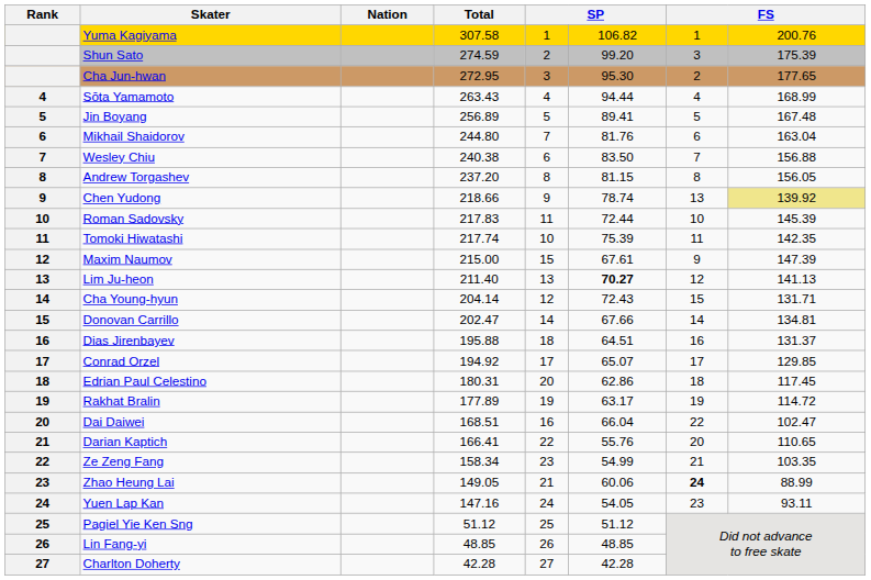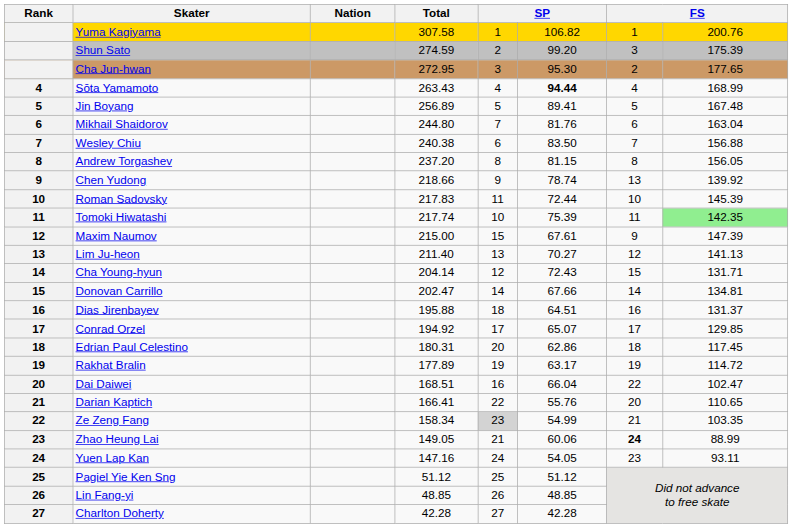 <table class="wikitable sortable" style="text-align:center; width:85%">
 <tr>
 <th scope="col">Rank</th>
 <th scope="col">Skater</th>
 <th scope="col">Nation</th>
 <th scope="col">Total</th>
 <th scope="col" colspan="2" width="80px"><a href='#'>SP</a></th>
 <th scope="col" colspan="2" width="80px"><a href='#'>FS</a></th>
 </tr>
 <tr bgcolor="gold">
 <th scope="row"></th>
 <td align="left"><a href='#'>Yuma Kagiyama</a></td>
 <td align="left"></td>
 <td>307.58</td>
 <td>1</td>
 <td>106.82</td>
 <td>1</td>
 <td>200.76</td>
 </tr>
 <tr bgcolor="silver">
 <th scope="row"></th>
 <td align="left"><a href='#'>Shun Sato</a></td>
 <td align="left"></td>
 <td>274.59</td>
 <td>2</td>
 <td>99.20</td>
 <td>3</td>
 <td>175.39</td>
 </tr>
 <tr bgcolor="#cc9966">
 <th scope="row"></th>
 <td align="left"><a href='#'>Cha Jun-hwan</a></td>
 <td align="left"></td>
 <td>272.95</td>
 <td>3</td>
 <td>95.30</td>
 <td>2</td>
 <td>177.65</td>
 </tr>
 <tr>
 <th scope="row">4</th>
 <td align="left"><a href='#'>Sōta Yamamoto</a></td>
 <td align="left"></td>
 <td>263.43</td>
 <td>4</td>
-<td>94.44</td>
+<td><strong>94.44</strong></td>
 <td>4</td>
 <td>168.99</td>
 </tr>
 <tr>
 <th scope="row">5</th>
 <td align="left"><a href='#'>Jin Boyang</a></td>
 <td align="left"></td>
 <td>256.89</td>
 <td>5</td>
 <td>89.41</td>
 <td>5</td>
 <td>167.48</td>
 </tr>
 <tr>
 <th scope="row">6</th>
 <td align="left"><a href='#'>Mikhail Shaidorov</a></td>
 <td align="left"></td>
 <td>244.80</td>
 <td>7</td>
 <td>81.76</td>
 <td>6</td>
 <td>163.04</td>
 </tr>
 <tr>
 <th scope="row">7</th>
 <td align="left"><a href='#'>Wesley Chiu</a></td>
 <td align="left"></td>
 <td>240.38</td>
 <td>6</td>
 <td>83.50</td>
 <td>7</td>
 <td>156.88</td>
 </tr>
 <tr>
 <th scope="row">8</th>
 <td align="left"><a href='#'>Andrew Torgashev</a></td>
 <td align="left"></td>
 <td>237.20</td>
 <td>8</td>
 <td>81.15</td>
 <td>8</td>
 <td>156.05</td>
 </tr>
 <tr>
 <th scope="row">9</th>
 <td align="left"><a href='#'>Chen Yudong</a></td>
 <td align="left"></td>
 <td>218.66</td>
 <td>9</td>
 <td>78.74</td>
 <td>13</td>
-<td style="background: khaki;">139.92</td>
+<td>139.92</td>
 </tr>
 <tr>
 <th scope="row">10</th>
 <td align="left"><a href='#'>Roman Sadovsky</a></td>
 <td align="left"></td>
 <td>217.83</td>
 <td>11</td>
 <td>72.44</td>
 <td>10</td>
 <td>145.39</td>
 </tr>
 <tr>
 <th scope="row">11</th>
 <td align="left"><a href='#'>Tomoki Hiwatashi</a></td>
 <td align="left"></td>
 <td>217.74</td>
 <td>10</td>
 <td>75.39</td>
 <td>11</td>
-<td>142.35</td>
+<td style="background: lightgreen;">142.35</td>
 </tr>
 <tr>
 <th scope="row">12</th>
 <td align="left"><a href='#'>Maxim Naumov</a></td>
 <td align="left"></td>
 <td>215.00</td>
 <td>15</td>
 <td>67.61</td>
 <td>9</td>
 <td>147.39</td>
 </tr>
 <tr>
 <th scope="row">13</th>
 <td align="left"><a href='#'>Lim Ju-heon</a></td>
 <td align="left"></td>
 <td>211.40</td>
 <td>13</td>
-<td><strong>70.27</strong></td>
+<td>70.27</td>
 <td>12</td>
 <td>141.13</td>
 </tr>
 <tr>
 <th scope="row">14</th>
 <td align="left"><a href='#'>Cha Young-hyun</a></td>
 <td align="left"></td>
 <td>204.14</td>
 <td>12</td>
 <td>72.43</td>
 <td>15</td>
 <td>131.71</td>
 </tr>
 <tr>
 <th scope="row">15</th>
 <td align="left"><a href='#'>Donovan Carrillo</a></td>
 <td align="left"></td>
 <td>202.47</td>
 <td>14</td>
 <td>67.66</td>
 <td>14</td>
 <td>134.81</td>
 </tr>
 <tr>
 <th scope="row">16</th>
 <td align="left"><a href='#'>Dias Jirenbayev</a></td>
 <td align="left"></td>
 <td>195.88</td>
 <td>18</td>
 <td>64.51</td>
 <td>16</td>
 <td>131.37</td>
 </tr>
 <tr>
 <th scope="row">17</th>
 <td align="left"><a href='#'>Conrad Orzel</a></td>
 <td align="left"></td>
 <td>194.92</td>
 <td>17</td>
 <td>65.07</td>
 <td>17</td>
 <td>129.85</td>
 </tr>
 <tr>
 <th scope="row">18</th>
 <td align="left"><a href='#'>Edrian Paul Celestino</a></td>
 <td align="left"></td>
 <td>180.31</td>
 <td>20</td>
 <td>62.86</td>
 <td>18</td>
 <td>117.45</td>
 </tr>
 <tr>
 <th scope="row">19</th>
 <td align="left"><a href='#'>Rakhat Bralin</a></td>
 <td align="left"></td>
 <td>177.89</td>
 <td>19</td>
 <td>63.17</td>
 <td>19</td>
 <td>114.72</td>
 </tr>
 <tr>
 <th scope="row">20</th>
 <td align="left"><a href='#'>Dai Daiwei</a></td>
 <td align="left"></td>
 <td>168.51</td>
 <td>16</td>
 <td>66.04</td>
 <td>22</td>
 <td>102.47</td>
 </tr>
 <tr>
 <th scope="row">21</th>
 <td align="left"><a href='#'>Darian Kaptich</a></td>
 <td align="left"></td>
 <td>166.41</td>
 <td>22</td>
 <td>55.76</td>
 <td>20</td>
 <td>110.65</td>
 </tr>
 <tr>
 <th scope="row">22</th>
 <td align="left"><a href='#'>Ze Zeng Fang</a></td>
 <td align="left"></td>
 <td>158.34</td>
-<td>23</td>
+<td style="background: lightgrey;">23</td>
 <td>54.99</td>
 <td>21</td>
 <td>103.35</td>
 </tr>
 <tr>
 <th scope="row">23</th>
 <td align="left"><a href='#'>Zhao Heung Lai</a></td>
 <td align="left"></td>
 <td>149.05</td>
 <td>21</td>
 <td>60.06</td>
 <td><strong>24</strong></td>
 <td>88.99</td>
 </tr>
 <tr>
 <th scope="row">24</th>
 <td align="left"><a href='#'>Yuen Lap Kan</a></td>
 <td align="left"></td>
 <td>147.16</td>
 <td>24</td>
 <td>54.05</td>
 <td>23</td>
 <td>93.11</td>
 </tr>
 <tr>
 <th scope="row">25</th>
 <td align="left"><a href='#'>Pagiel Yie Ken Sng</a></td>
 <td align="left"></td>
 <td>51.12</td>
 <td>25</td>
 <td>51.12</td>
 <td rowspan="3" colspan="2" bgcolor="e5e4e2" align="center"><em>Did not advance<br>to free skate</em></td>
 </tr>
 <tr>
 <th scope="row">26</th>
 <td align="left"><a href='#'>Lin Fang-yi</a></td>
 <td align="left"></td>
 <td>48.85</td>
 <td>26</td>
 <td>48.85</td>
 </tr>
 <tr>
 <th scope="row">27</th>
 <td align="left"><a href='#'>Charlton Doherty</a></td>
 <td align="left"></td>
 <td>42.28</td>
 <td>27</td>
 <td>42.28</td>
 </tr>
 </table>
